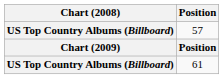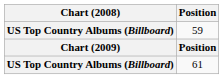 <table class="wikitable plainrowheaders" style="text-align:center">
 <tr>
 <th scope="col">Chart (2008)</th>
 <th scope="col">Position</th>
 </tr>
 <tr>
 <th scope="row">US Top Country Albums (<em>Billboard</em>)</th>
-<td>57</td>
+<td>59</td>
 </tr>
 <tr>
 <th scope="col">Chart (2009)</th>
 <th scope="col">Position</th>
 </tr>
 <tr>
 <th scope="row">US Top Country Albums (<em>Billboard</em>)</th>
 <td>61</td>
 </tr>
 </table>
